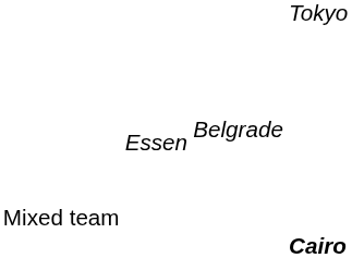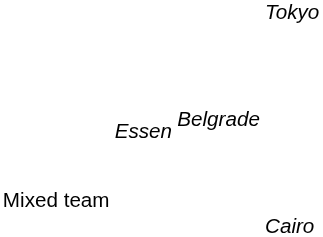 <table>
 <tr>
 <td rowspan=2>Mixed team<br></td>
 <td rowspan=2><em>Essen</em> <br>  <br>  <br>  <br>  <br>  <br> <br> </td>
 <td rowspan=2><em>Belgrade</em> <br> <br>  <br>  <br>  <br>  <br>  <br><br> </td>
 <td><em>Tokyo</em> <br> <br>  <br>  <br>  <br>  <br>  <br><br> </td>
 </tr>
 <tr>
-<td><strong><br><em>Cairo</em> <br> <br>  <br>  <br>  <br>  <br>  <br><br> </strong></td>
+<td><br><em>Cairo</em> <br> <br>  <br>  <br>  <br>  <br>  <br><br> </td>
 </tr>
 </table>
